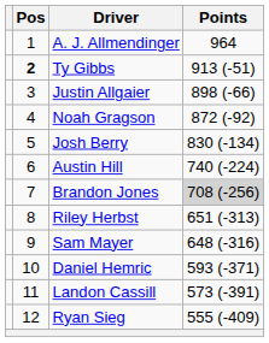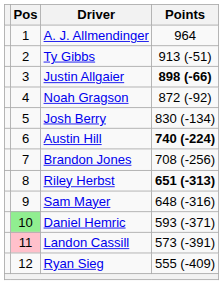 <table class="wikitable" style="font-size: 95%;">
 <tr>
 <th></th>
 <th>Pos</th>
 <th>Driver</th>
 <th>Points</th>
 </tr>
 <tr>
 <td align="left"></td>
 <td style="text-align:center;">1</td>
 <td><a href='#'>A. J. Allmendinger</a></td>
 <td style="text-align:center;">964</td>
 </tr>
 <tr>
 <td align="left"></td>
-<td style="text-align:center;"><strong>2</strong></td>
+<td style="text-align:center;">2</td>
 <td><a href='#'>Ty Gibbs</a></td>
 <td style="text-align:center;">913 (-51)</td>
 </tr>
 <tr>
 <td align="left"></td>
 <td style="text-align:center;">3</td>
 <td><a href='#'>Justin Allgaier</a></td>
-<td style="text-align:center;">898 (-66)</td>
+<td style="text-align:center;"><strong>898 (-66)</strong></td>
 </tr>
 <tr>
 <td align="left"></td>
 <td style="text-align:center;">4</td>
 <td><a href='#'>Noah Gragson</a></td>
 <td style="text-align:center;">872 (-92)</td>
 </tr>
 <tr>
 <td align="left"></td>
 <td style="text-align:center;">5</td>
 <td><a href='#'>Josh Berry</a></td>
 <td style="text-align:center;">830 (-134)</td>
 </tr>
 <tr>
 <td align="left"></td>
 <td style="text-align:center;">6</td>
 <td><a href='#'>Austin Hill</a></td>
-<td style="text-align:center;">740 (-224)</td>
+<td style="text-align:center;"><strong>740 (-224)</strong></td>
 </tr>
 <tr>
 <td align="left"></td>
 <td style="text-align:center;">7</td>
 <td><a href='#'>Brandon Jones</a></td>
-<td style="background: lightgrey; text-align:center;">708 (-256)</td>
+<td style="text-align:center;">708 (-256)</td>
 </tr>
 <tr>
 <td align="left"></td>
 <td style="text-align:center;">8</td>
 <td><a href='#'>Riley Herbst</a></td>
-<td style="text-align:center;">651 (-313)</td>
+<td style="text-align:center;"><strong>651 (-313)</strong></td>
 </tr>
 <tr>
 <td align="left"></td>
 <td style="text-align:center;">9</td>
 <td><a href='#'>Sam Mayer</a></td>
 <td style="text-align:center;">648 (-316)</td>
 </tr>
 <tr>
 <td align="left"></td>
-<td style="text-align:center;">10</td>
+<td style="background: lightgreen; text-align:center;">10</td>
 <td><a href='#'>Daniel Hemric</a></td>
 <td style="text-align:center;">593 (-371)</td>
 </tr>
 <tr>
 <td align="left"></td>
-<td style="text-align:center;">11</td>
+<td style="background: pink; text-align:center;">11</td>
 <td><a href='#'>Landon Cassill</a></td>
 <td style="text-align:center;">573 (-391)</td>
 </tr>
 <tr>
 <td align="left"></td>
 <td style="text-align:center;">12</td>
 <td><a href='#'>Ryan Sieg</a></td>
 <td style="text-align:center;">555 (-409)</td>
 </tr>
 <tr class="sortbottom">
 <th colspan="9"></th>
 </tr>
 </table>
